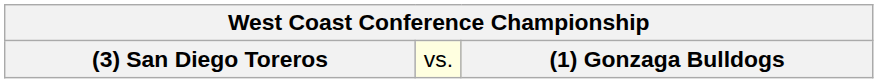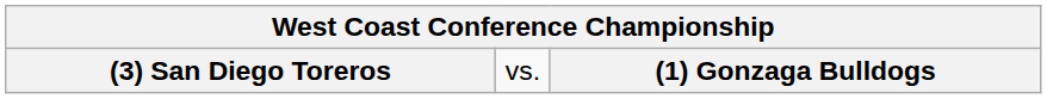 <table class="wikitable">
 <tr>
 <th style="width: 604px;" colspan=3>West Coast Conference Championship</th>
 </tr>
 <tr>
 <th style="width: 289px; ">(3) San Diego Toreros</th>
-<td style="background: lightyellow; width: 25px; text-align:center">vs.</td>
+<td style="width: 25px; text-align:center">vs.</td>
 <th style="width: 289px; ">(1) Gonzaga Bulldogs</th>
 </tr>
 </table>
